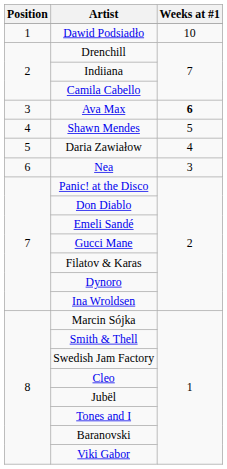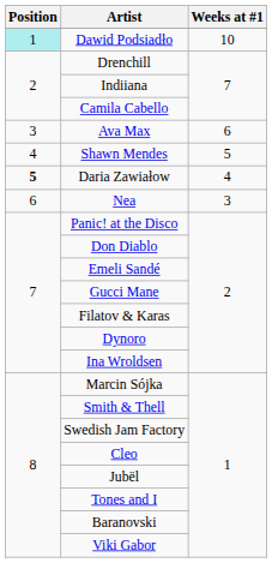 <table class="wikitable" style="font-size:97%;">
 <tr>
 <th>Position</th>
 <th>Artist</th>
 <th>Weeks at #1</th>
 </tr>
 <tr style="text-align:center;">
 </tr>
 <tr style="text-align:center;">
-<td>1</td>
+<td style="background: paleturquoise;">1</td>
 <td style="text-align:center;"><a href='#'>Dawid Podsiadło</a></td>
 <td>10</td>
 </tr>
 <tr style="text-align:center;">
 <td rowspan="3">2</td>
 <td style="text-align:center;">Drenchill</td>
 <td rowspan="3">7</td>
 </tr>
 <tr>
 <td style="text-align:center;">Indiiana<br></td>
 </tr>
 <tr>
 <td style="text-align:center;"><a href='#'>Camila Cabello</a></td>
 </tr>
 <tr style="text-align:center;">
 <td>3</td>
 <td style="text-align:center;"><a href='#'>Ava Max</a></td>
-<td><strong>6</strong></td>
+<td>6</td>
 </tr>
 <tr style="text-align:center;">
 <td>4</td>
 <td style="text-align:center;"><a href='#'>Shawn Mendes</a></td>
 <td>5</td>
 </tr>
 <tr style="text-align:center;">
-<td>5</td>
+<td><strong>5</strong></td>
 <td style="text-align:center;">Daria Zawiałow</td>
 <td>4</td>
 </tr>
 <tr style="text-align:center;">
 <td>6</td>
 <td style="text-align:center;"><a href='#'>Nea</a></td>
 <td>3</td>
 </tr>
 <tr style="text-align:center;">
 <td rowspan="7">7</td>
 <td style="text-align:center;"><a href='#'>Panic! at the Disco</a></td>
 <td rowspan="7">2</td>
 </tr>
 <tr>
 <td style="text-align:center;"><a href='#'>Don Diablo</a></td>
 </tr>
 <tr>
 <td style="text-align:center;"><a href='#'>Emeli Sandé</a><br></td>
 </tr>
 <tr>
 <td style="text-align:center;"><a href='#'>Gucci Mane</a><br></td>
 </tr>
 <tr>
 <td style="text-align:center;">Filatov & Karas</td>
 </tr>
 <tr>
 <td style="text-align:center;"><a href='#'>Dynoro</a></td>
 </tr>
 <tr>
 <td style="text-align:center;"><a href='#'>Ina Wroldsen</a></td>
 </tr>
 <tr style="text-align:center;">
 <td rowspan="8">8</td>
 <td style="text-align:center;">Marcin Sójka</td>
 <td rowspan="8">1</td>
 </tr>
 <tr>
 <td style="text-align:center;"><a href='#'>Smith & Thell</a></td>
 </tr>
 <tr>
 <td style="text-align:center;">Swedish Jam Factory<br></td>
 </tr>
 <tr>
 <td style="text-align:center;"><a href='#'>Cleo</a></td>
 </tr>
 <tr>
 <td style="text-align:center;">Jubël</td>
 </tr>
 <tr>
 <td style="text-align:center;"><a href='#'>Tones and I</a></td>
 </tr>
 <tr>
 <td style="text-align:center;">Baranovski</td>
 </tr>
 <tr>
 <td style="text-align:center;"><a href='#'>Viki Gabor</a></td>
 </tr>
 </table>
